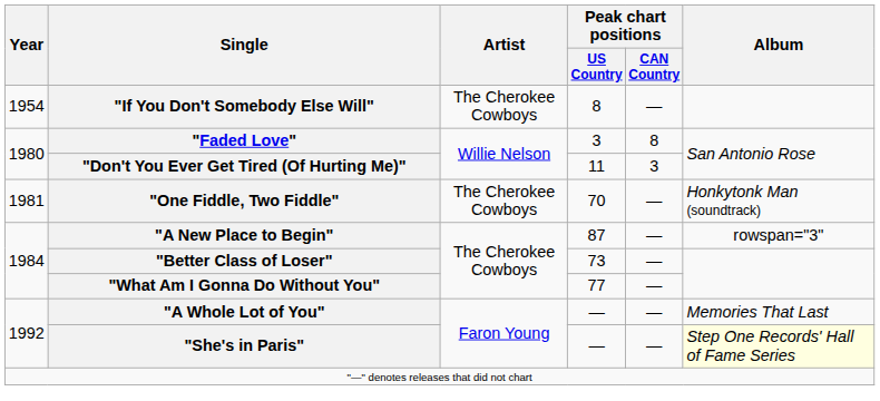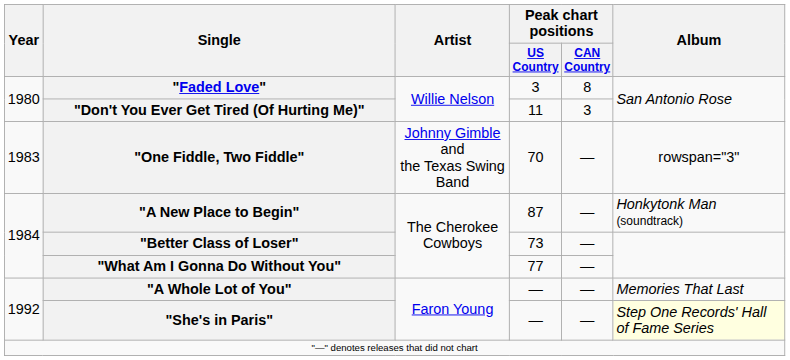 <table class="wikitable plainrowheaders" style="text-align:center;">
 <tr>
 <th rowspan="2">Year</th>
 <th rowspan="2" style="width:24em;">Single</th>
 <th rowspan="2">Artist</th>
 <th colspan="2">Peak chart<br>positions</th>
 <th rowspan="2">Album</th>
 </tr>
 <tr style="font-size:smaller;">
 <th width="40"><a href='#'>US Country</a><br></th>
 <th width="40"><a href='#'>CAN Country</a><br></th>
-</tr>
-<tr>
-<td>1954</td>
-<th scope="row">"If You Don't Somebody Else Will"</th>
-<td>The Cherokee Cowboys</td>
-<td>8</td>
-<td>—</td>
-<td></td>
 </tr>
 <tr>
 <td rowspan="2">1980</td>
 <th scope="row">"<a href='#'>Faded Love</a>"</th>
 <td rowspan="2"><a href='#'>Willie Nelson</a></td>
 <td>3</td>
 <td>8</td>
 <td align="left" rowspan="2"><em>San Antonio Rose</em></td>
 </tr>
 <tr>
 <th scope="row">"Don't You Ever Get Tired (Of Hurting Me)"</th>
 <td>11</td>
 <td>3</td>
 </tr>
 <tr>
-<td>1981</td>
+<td>1983</td>
 <th scope="row">"One Fiddle, Two Fiddle"</th>
-<td>The Cherokee Cowboys</td>
+<td><a href='#'>Johnny Gimble</a> and<br>the Texas Swing Band</td>
 <td>70</td>
 <td>—</td>
-<td align="left"><em>Honkytonk Man</em> <small>(soundtrack)</small></td>
+<td>rowspan="3" </td>
 </tr>
 <tr>
 <td rowspan="3">1984</td>
 <th scope="row">"A New Place to Begin"</th>
 <td rowspan="3">The Cherokee Cowboys</td>
 <td>87</td>
 <td>—</td>
-<td>rowspan="3" </td>
+<td align="left"><em>Honkytonk Man</em> <small>(soundtrack)</small></td>
 </tr>
 <tr>
 <th scope="row">"Better Class of Loser"</th>
 <td>73</td>
 <td>—</td>
 </tr>
 <tr>
 <th scope="row">"What Am I Gonna Do Without You"</th>
 <td>77</td>
 <td>—</td>
 </tr>
 <tr>
 <td rowspan="2">1992</td>
 <th scope="row">"A Whole Lot of You"</th>
 <td rowspan="2"><a href='#'>Faron Young</a></td>
 <td>—</td>
 <td>—</td>
 <td align="left"><em>Memories That Last</em></td>
 </tr>
 <tr>
 <th scope="row">"She's in Paris"</th>
 <td>—</td>
 <td>—</td>
 <td align="left" style="background: lightyellow;"><em>Step One Records' Hall of Fame Series</em></td>
 </tr>
 <tr>
 <td colspan="6" style="font-size: 8pt">"—" denotes releases that did not chart</td>
 </tr>
 </table>
